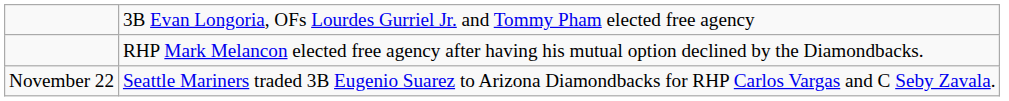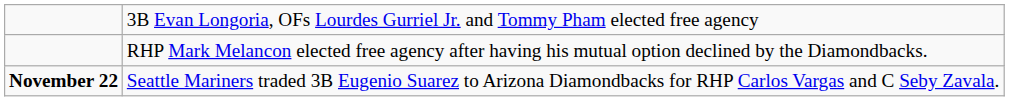 <table class="wikitable">
 <tr>
 <td></td>
 <td>3B <a href='#'>Evan Longoria</a>, OFs <a href='#'>Lourdes Gurriel Jr.</a> and <a href='#'>Tommy Pham</a> elected free agency</td>
 </tr>
 <tr>
 <td></td>
 <td>RHP <a href='#'>Mark Melancon</a> elected free agency after having his mutual option declined by the Diamondbacks.</td>
 </tr>
 <tr>
-<td>November 22</td>
+<td><strong>November 22</strong></td>
 <td><a href='#'>Seattle Mariners</a> traded 3B <a href='#'>Eugenio Suarez</a> to Arizona Diamondbacks for RHP <a href='#'>Carlos Vargas</a> and C <a href='#'>Seby Zavala</a>.</td>
 </tr>
 </table>
